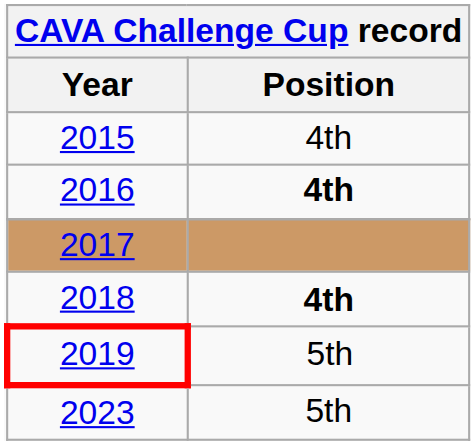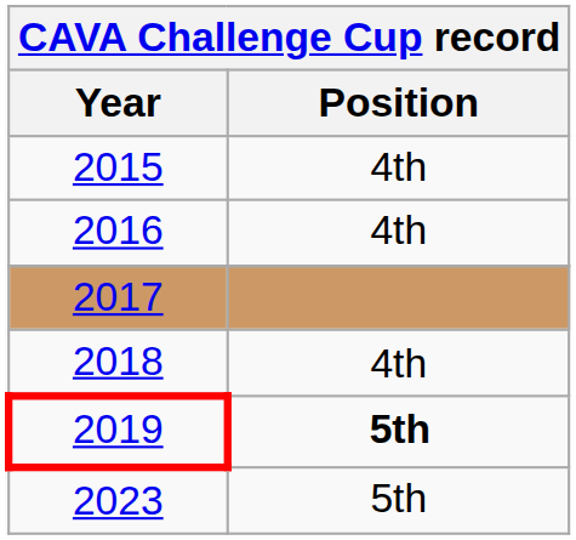 <table class="wikitable" style="text-align: center;">
 <tr>
 <th colspan=6><a href='#'>CAVA Challenge Cup</a> record</th>
 </tr>
 <tr>
 <th>Year</th>
 <th>Position</th>
 </tr>
 <tr>
 <td> <a href='#'>2015</a></td>
 <td>4th</td>
 </tr>
 <tr>
 <td> <a href='#'>2016</a></td>
-<td><strong>4th</strong></td>
+<td>4th</td>
 </tr>
 <tr>
 </tr>
 <tr style="background:#c96;">
 <td> <a href='#'>2017</a></td>
 <td></td>
 </tr>
 <tr>
 <td> <a href='#'>2018</a></td>
-<td><strong>4th</strong></td>
+<td>4th</td>
 </tr>
 <tr>
 <td style="border: 3px solid red"> <a href='#'>2019</a></td>
-<td>5th</td>
+<td><strong>5th</strong></td>
 </tr>
 <tr>
 <td> <a href='#'>2023</a></td>
 <td>5th</td>
 </tr>
 </table>
